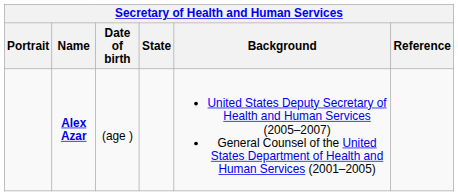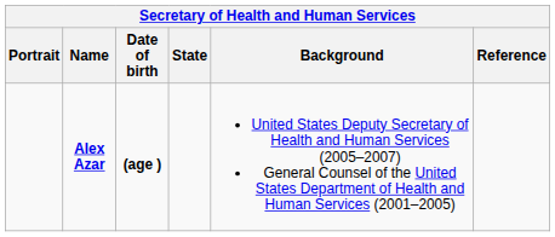 <table class="wikitable collapsible" style="text-align:center;">
 <tr>
 <th colspan="6"><a href='#'>Secretary of Health and Human Services</a></th>
 </tr>
 <tr>
 <th>Portrait</th>
 <th>Name</th>
 <th>Date of birth</th>
 <th>State</th>
 <th>Background</th>
 <th>Reference</th>
 </tr>
 <tr>
 <td></td>
 <td><strong><a href='#'>Alex Azar</a></strong></td>
-<td><br>(age )</td>
+<td><strong><br>(age )</strong></td>
 <td></td>
 <td><br><ul><li><a href='#'>United States Deputy Secretary of Health and Human Services</a> (2005–2007)</li><li>General Counsel of the <a href='#'>United States Department of Health and Human Services</a> (2001–2005)</li></ul></td>
 <td></td>
 </tr>
 </table>
